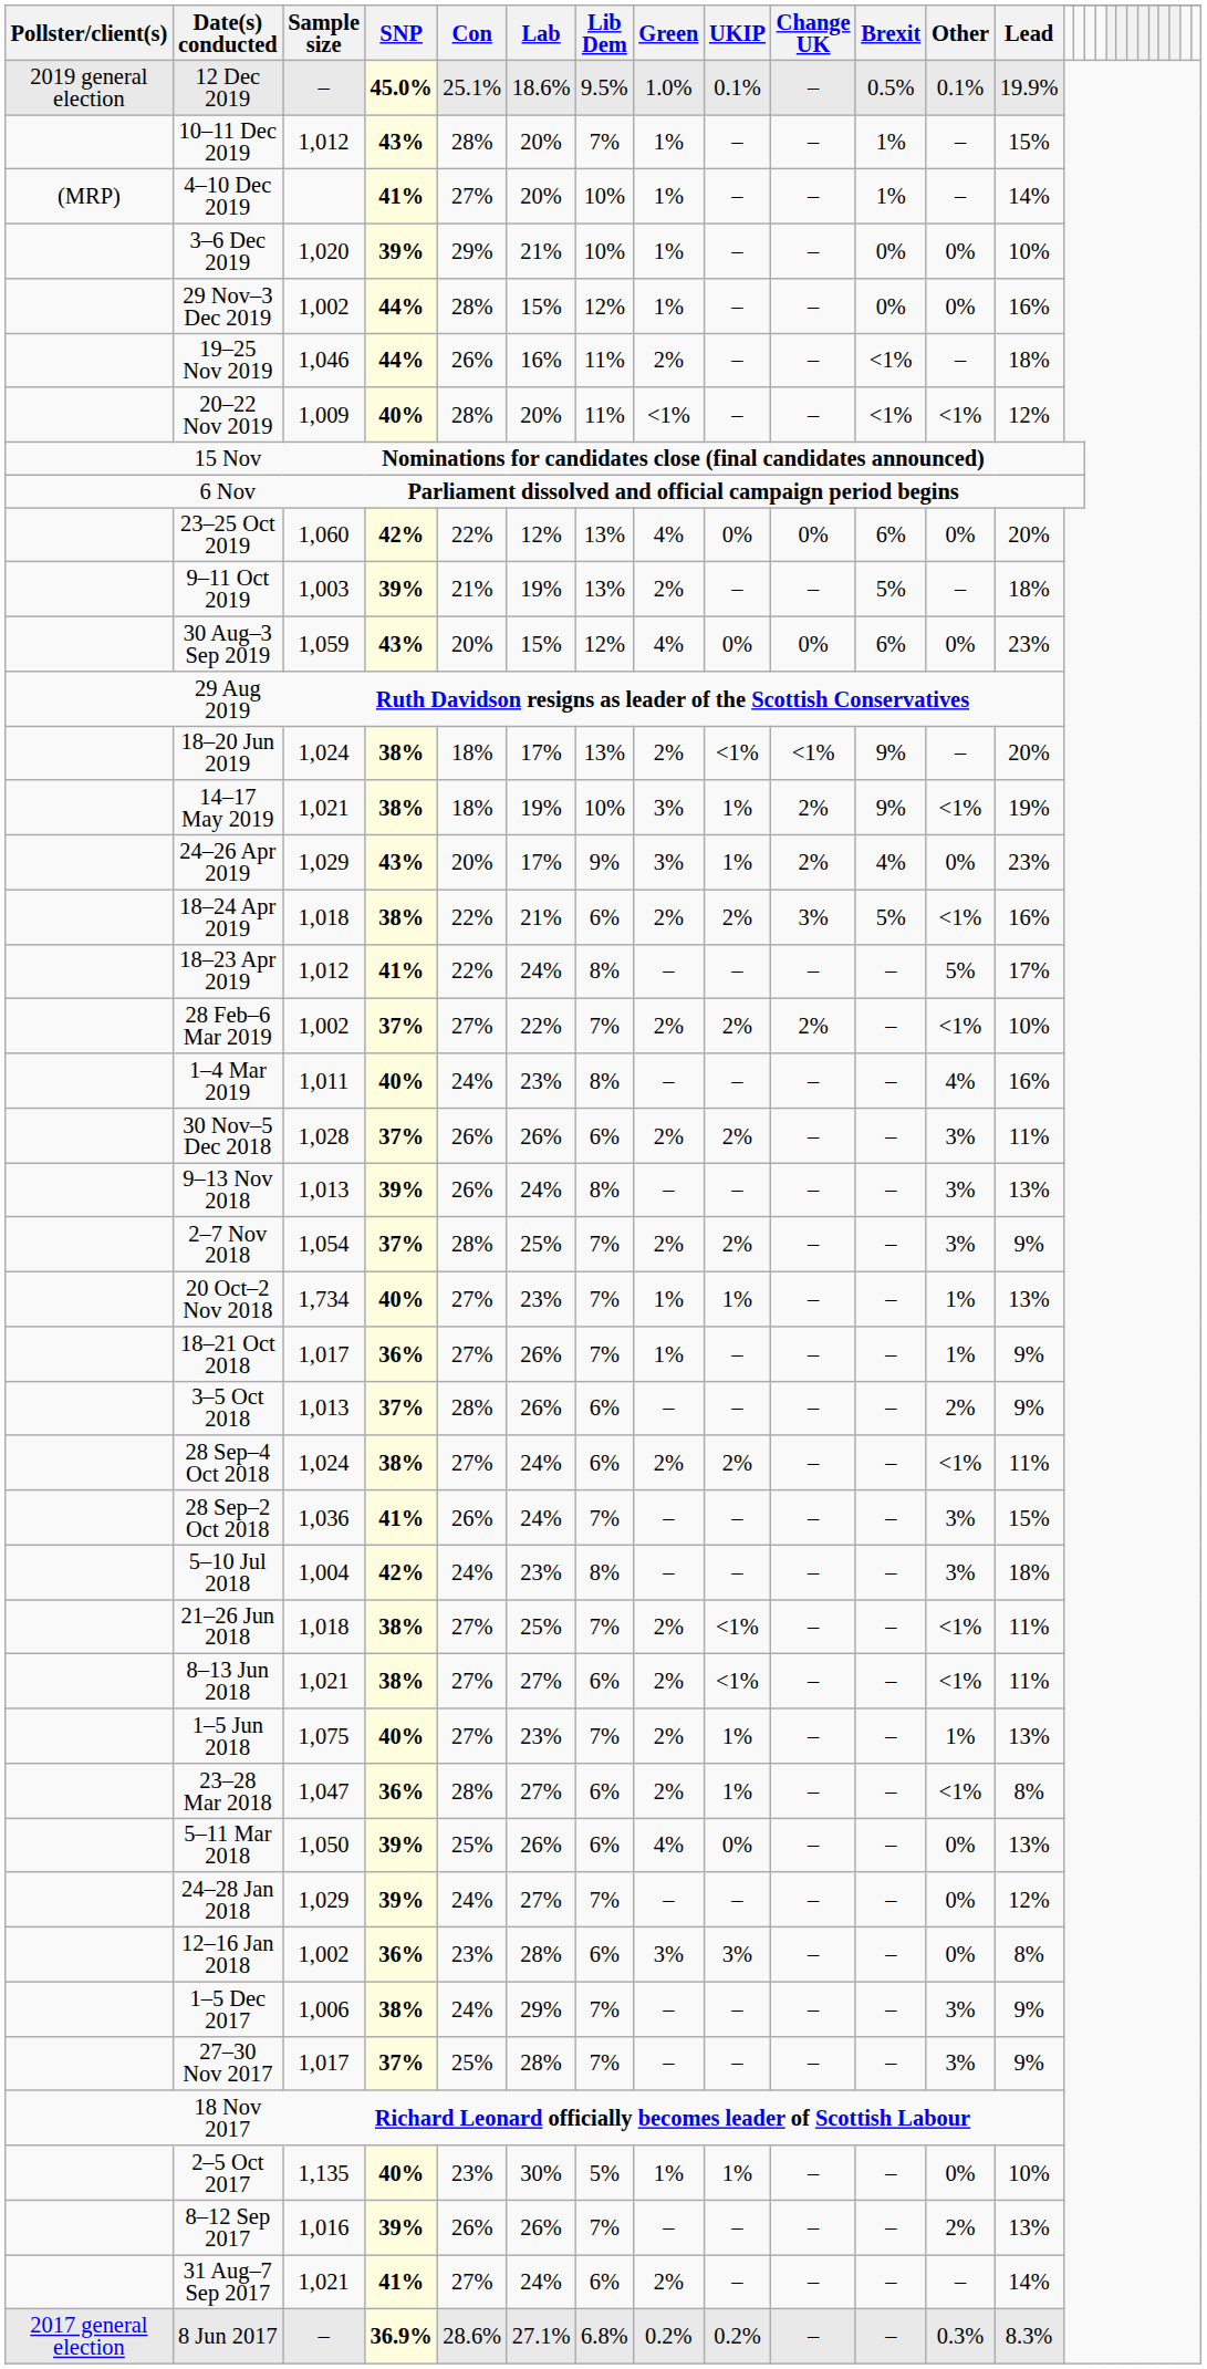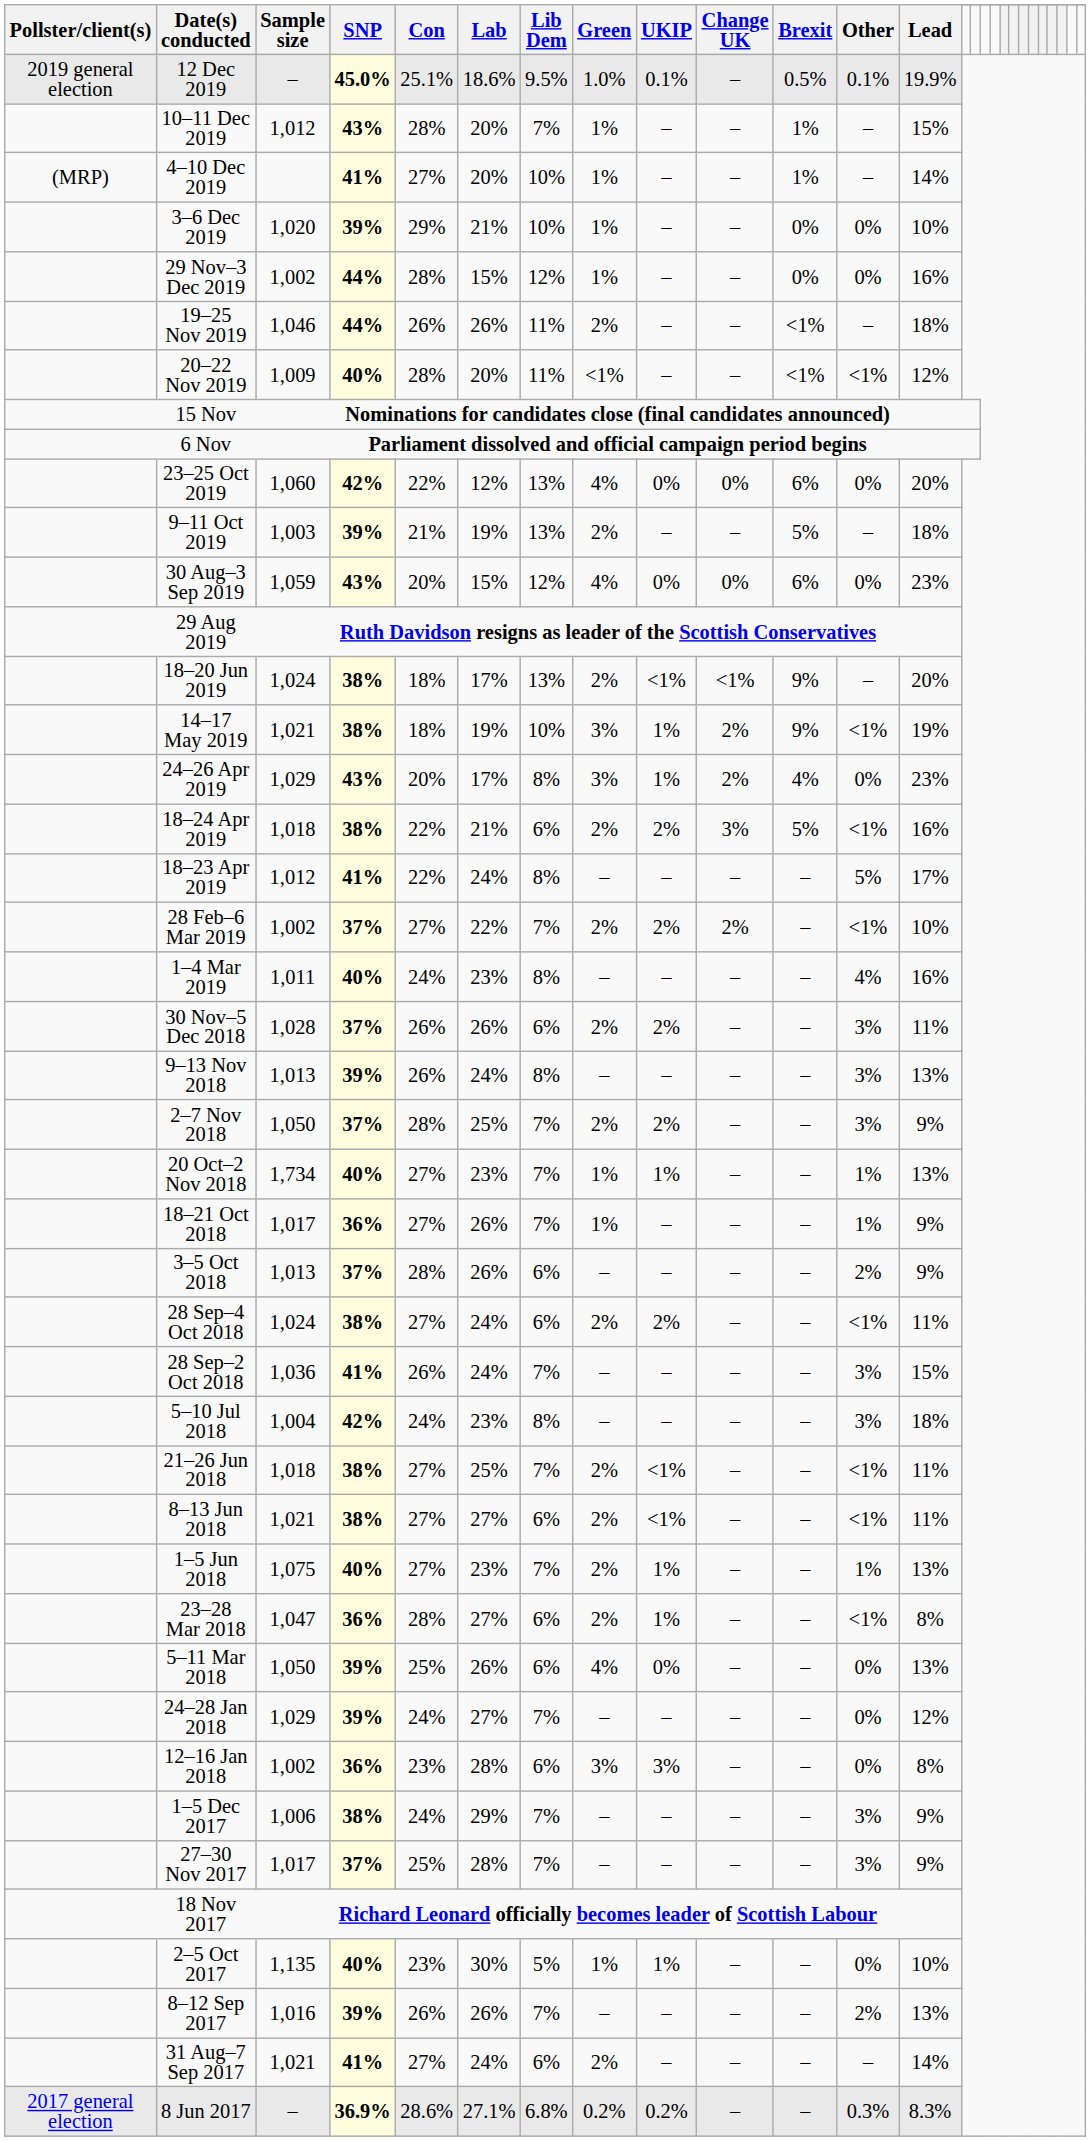 <table class="wikitable sortable" style="text-align:center;font-size:90%;line-height:14px;">
 <tr>
 <th rowspan="2">Pollster/client(s)</th>
 <th rowspan="2">Date(s)<br>conducted</th>
 <th rowspan="2">Sample<br>size</th>
 <th rowspan="2"><a href='#'>SNP</a></th>
 <th rowspan="2"><a href='#'>Con</a></th>
 <th rowspan="2"><a href='#'>Lab</a></th>
 <th rowspan="2"><a href='#'>Lib Dem</a></th>
 <th rowspan="2"><a href='#'>Green</a></th>
 <th rowspan="2"><a href='#'>UKIP</a></th>
 <th rowspan="2"><a href='#'>Change UK</a></th>
 <th rowspan="2"><a href='#'>Brexit</a></th>
 <th rowspan="2">Other</th>
 <th rowspan="2">Lead</th>
 </tr>
 <tr>
 <td></td>
 <td></td>
 <td></td>
 <td data-sort-type="number" style="background:"></td>
 <th data-sort-type="number" style="background:"></th>
 <th data-sort-type="number" style="background:"></th>
 <th data-sort-type="number" style="background:"></th>
 <th data-sort-type="number" style="background:"></th>
 <th data-sort-type="number" style="background:"></th>
 <th data-sort-type="number" style="background:"></th>
 <th data-sort-type="number" style="background:"></th>
 <td></td>
 <td></td>
 </tr>
 <tr style="background:#E9E9E9;">
 <td>2019 general election</td>
 <td data-sort-value="2017-06-08">12 Dec 2019</td>
 <td>–</td>
 <td style="background:#FEFDDE;"><strong>45.0%</strong></td>
 <td>25.1%</td>
 <td>18.6%</td>
 <td>9.5%</td>
 <td>1.0%</td>
 <td>0.1%</td>
 <td>–</td>
 <td>0.5%</td>
 <td>0.1%</td>
 <td style="background:">19.9%</td>
 </tr>
 <tr>
 <td></td>
 <td data-sort-value="2019-12-11">10–11 Dec 2019</td>
 <td>1,012</td>
 <td style="background:#FEFDDE;"><strong>43%</strong></td>
 <td>28%</td>
 <td>20%</td>
 <td>7%</td>
 <td>1%</td>
 <td>–</td>
 <td>–</td>
 <td>1%</td>
 <td>–</td>
 <td style="background:">15%</td>
 </tr>
 <tr>
 <td> (MRP)</td>
 <td data-sort-value="2019-12-10">4–10 Dec 2019</td>
 <td></td>
 <td style="background:#FEFDDE;"><strong>41%</strong></td>
 <td>27%</td>
 <td>20%</td>
 <td>10%</td>
 <td>1%</td>
 <td>–</td>
 <td>–</td>
 <td>1%</td>
 <td>–</td>
 <td style="background:">14%</td>
 </tr>
 <tr>
 <td></td>
 <td data-sort-value="2019-12-06">3–6 Dec 2019</td>
 <td>1,020</td>
 <td style="background:#FEFDDE;"><strong>39%</strong></td>
 <td>29%</td>
 <td>21%</td>
 <td>10%</td>
 <td>1%</td>
 <td>–</td>
 <td>–</td>
 <td>0%</td>
 <td>0%</td>
 <td style="background:">10%</td>
 </tr>
 <tr>
 <td></td>
 <td data-sort-value="2019-12-03">29 Nov–3 Dec 2019</td>
 <td>1,002</td>
 <td style="background:#FEFDDE;"><strong>44%</strong></td>
 <td>28%</td>
 <td>15%</td>
 <td>12%</td>
 <td>1%</td>
 <td>–</td>
 <td>–</td>
 <td>0%</td>
 <td>0%</td>
 <td style="background:">16%</td>
 </tr>
 <tr>
 <td></td>
 <td data-sort-value="2019-11-25">19–25 Nov 2019</td>
 <td>1,046</td>
 <td style="background:#FEFDDE;"><strong>44%</strong></td>
 <td>26%</td>
-<td>16%</td>
+<td>26%</td>
 <td>11%</td>
 <td>2%</td>
 <td>–</td>
 <td>–</td>
 <td><1%</td>
 <td>–</td>
 <td style="background:">18%</td>
 </tr>
 <tr>
 <td></td>
 <td data-sort-value="2019-11-22">20–22 Nov 2019</td>
 <td>1,009</td>
 <td style="background:#FEFDDE;"><strong>40%</strong></td>
 <td>28%</td>
 <td>20%</td>
 <td>11%</td>
 <td><1%</td>
 <td data-sort-value="0%">–</td>
 <td data-sort-value="0%">–</td>
 <td><1%</td>
 <td><1%</td>
 <td style="background:">12%</td>
 </tr>
 <tr>
 <td style="border-right-style:hidden;"></td>
 <td style="border-right-style:hidden;" data-sort-value="2019-11-15">15 Nov</td>
 <td colspan="13" style="font-weight:bold;">Nominations for candidates close (final candidates announced)</td>
 </tr>
 <tr>
 <td style="border-right-style:hidden;"></td>
 <td style="border-right-style:hidden;" data-sort-value="2019-11-06">6 Nov</td>
 <td colspan="13" style="font-weight:bold;">Parliament dissolved and official campaign period begins</td>
 </tr>
 <tr>
 <td></td>
 <td data-sort-value="2019-10-25">23–25 Oct 2019</td>
 <td>1,060</td>
 <td style="background:#FEFDDE;"><strong>42%</strong></td>
 <td>22%</td>
 <td>12%</td>
 <td>13%</td>
 <td>4%</td>
 <td>0%</td>
 <td>0%</td>
 <td>6%</td>
 <td>0%</td>
 <td style="background:">20%</td>
 </tr>
 <tr>
 <td></td>
 <td data-sort-value="2019-10-11">9–11 Oct 2019</td>
 <td>1,003</td>
 <td style="background:#FEFDDE;"><strong>39%</strong></td>
 <td>21%</td>
 <td>19%</td>
 <td>13%</td>
 <td>2%</td>
 <td data-sort-value="0%">–</td>
 <td data-sort-value="0%">–</td>
 <td>5%</td>
 <td>–</td>
 <td style="background:">18%</td>
 </tr>
 <tr>
 <td></td>
 <td data-sort-value="2019-09-04">30 Aug–3 Sep 2019</td>
 <td>1,059</td>
 <td style="background:#FEFDDE;"><strong>43%</strong></td>
 <td>20%</td>
 <td>15%</td>
 <td>12%</td>
 <td>4%</td>
 <td>0%</td>
 <td>0%</td>
 <td>6%</td>
 <td>0%</td>
 <td style="background:">23%</td>
 </tr>
 <tr>
 <td style="border-right-style:hidden;"></td>
 <td style="border-right-style:hidden;" data-sort-value="2019-08-29">29 Aug 2019</td>
 <td style="font-weight:bold;" colspan="11"><a href='#'>Ruth Davidson</a> resigns as leader of the <a href='#'>Scottish Conservatives</a></td>
 </tr>
 <tr>
 <td></td>
 <td data-sort-value="2019-06-20">18–20 Jun 2019</td>
 <td>1,024</td>
 <td style="background:#FEFDDE;"><strong>38%</strong></td>
 <td>18%</td>
 <td>17%</td>
 <td>13%</td>
 <td>2%</td>
 <td data-sort-value="0%"><1%</td>
 <td data-sort-value="0%"><1%</td>
 <td>9%</td>
 <td>–</td>
 <td style="background:">20%</td>
 </tr>
 <tr>
 <td></td>
 <td data-sort-value="2019-05-17">14–17 May 2019</td>
 <td>1,021</td>
 <td style="background:#FEFDDE;"><strong>38%</strong></td>
 <td>18%</td>
 <td>19%</td>
 <td>10%</td>
 <td>3%</td>
 <td>1%</td>
 <td>2%</td>
 <td>9%</td>
 <td data-sort-value="0%"><1%</td>
 <td style="background:">19%</td>
 </tr>
 <tr>
 <td></td>
 <td data-sort-value="2019-04-26">24–26 Apr 2019</td>
 <td>1,029</td>
 <td style="background:#FEFDDE;"><strong>43%</strong></td>
 <td>20%</td>
 <td>17%</td>
-<td>9%</td>
+<td>8%</td>
 <td>3%</td>
 <td>1%</td>
 <td>2%</td>
 <td>4%</td>
 <td>0%</td>
 <td style="background:">23%</td>
 </tr>
 <tr>
 <td></td>
 <td data-sort-value="2019-04-24">18–24 Apr 2019</td>
 <td>1,018</td>
 <td style="background:#FEFDDE;"><strong>38%</strong></td>
 <td>22%</td>
 <td>21%</td>
 <td>6%</td>
 <td>2%</td>
 <td>2%</td>
 <td>3%</td>
 <td>5%</td>
 <td data-sort-value="0%"><1%</td>
 <td style="background:">16%</td>
 </tr>
 <tr>
 <td></td>
 <td data-sort-value="2019-04-23">18–23 Apr 2019</td>
 <td>1,012</td>
 <td style="background:#FEFDDE;"><strong>41%</strong></td>
 <td>22%</td>
 <td>24%</td>
 <td>8%</td>
 <td>–</td>
 <td>–</td>
 <td>–</td>
 <td>–</td>
 <td>5%</td>
 <td style="background:">17%</td>
 </tr>
 <tr>
 <td></td>
 <td data-sort-value="2019-03-06">28 Feb–6 Mar 2019</td>
 <td>1,002</td>
 <td style="background:#FEFDDE;"><strong>37%</strong></td>
 <td>27%</td>
 <td>22%</td>
 <td>7%</td>
 <td>2%</td>
 <td>2%</td>
 <td>2%</td>
 <td>–</td>
 <td data-sort-value="0%"><1%</td>
 <td style="background:">10%</td>
 </tr>
 <tr>
 <td></td>
 <td data-sort-value="2019-03-04">1–4 Mar 2019</td>
 <td>1,011</td>
 <td style="background:#FEFDDE;"><strong>40%</strong></td>
 <td>24%</td>
 <td>23%</td>
 <td>8%</td>
 <td>–</td>
 <td>–</td>
 <td>–</td>
 <td>–</td>
 <td>4%</td>
 <td style="background:">16%</td>
 </tr>
 <tr>
 <td></td>
 <td data-sort-value="2018-12-05">30 Nov–5 Dec 2018</td>
 <td>1,028</td>
 <td style="background:#FEFDDE;"><strong>37%</strong></td>
 <td>26%</td>
 <td>26%</td>
 <td>6%</td>
 <td>2%</td>
 <td>2%</td>
 <td>–</td>
 <td>–</td>
 <td>3%</td>
 <td style="background:">11%</td>
 </tr>
 <tr>
 <td></td>
 <td data-sort-value="2018-11-13">9–13 Nov 2018</td>
 <td>1,013</td>
 <td style="background:#FEFDDE;"><strong>39%</strong></td>
 <td>26%</td>
 <td>24%</td>
 <td>8%</td>
 <td>–</td>
 <td>–</td>
 <td>–</td>
 <td>–</td>
 <td>3%</td>
 <td style="background:">13%</td>
 </tr>
 <tr>
 <td></td>
 <td data-sort-value="2018-11-07">2–7 Nov 2018</td>
-<td>1,054</td>
+<td>1,050</td>
 <td style="background:#FEFDDE;"><strong>37%</strong></td>
 <td>28%</td>
 <td>25%</td>
 <td>7%</td>
 <td>2%</td>
 <td>2%</td>
 <td>–</td>
 <td>–</td>
 <td>3%</td>
 <td style="background:">9%</td>
 </tr>
 <tr>
 <td></td>
 <td data-sort-value="2018-11-02">20 Oct–2 Nov 2018</td>
 <td>1,734</td>
 <td style="background:#FEFDDE;"><strong>40%</strong></td>
 <td>27%</td>
 <td>23%</td>
 <td>7%</td>
 <td>1%</td>
 <td>1%</td>
 <td>–</td>
 <td>–</td>
 <td>1%</td>
 <td style="background:">13%</td>
 </tr>
 <tr>
 <td></td>
 <td data-sort-value="2018-10-21">18–21 Oct 2018</td>
 <td>1,017</td>
 <td style="background:#FEFDDE;"><strong>36%</strong></td>
 <td>27%</td>
 <td>26%</td>
 <td>7%</td>
 <td>1%</td>
 <td>–</td>
 <td>–</td>
 <td>–</td>
 <td>1%</td>
 <td style="background:">9%</td>
 </tr>
 <tr>
 <td></td>
 <td data-sort-value="2018-10-05">3–5 Oct 2018</td>
 <td>1,013</td>
 <td style="background:#FEFDDE;"><strong>37%</strong></td>
 <td>28%</td>
 <td>26%</td>
 <td>6%</td>
 <td>–</td>
 <td>–</td>
 <td>–</td>
 <td>–</td>
 <td>2%</td>
 <td style="background:">9%</td>
 </tr>
 <tr>
 <td></td>
 <td data-sort-value="2018-10-04">28 Sep–4 Oct 2018</td>
 <td>1,024</td>
 <td style="background:#FEFDDE;"><strong>38%</strong></td>
 <td>27%</td>
 <td>24%</td>
 <td>6%</td>
 <td>2%</td>
 <td>2%</td>
 <td>–</td>
 <td>–</td>
 <td data-sort-value="0%"><1%</td>
 <td style="background:">11%</td>
 </tr>
 <tr>
 <td></td>
 <td data-sort-value="2018-10-02">28 Sep–2 Oct 2018</td>
 <td>1,036</td>
 <td style="background:#FEFDDE;"><strong>41%</strong></td>
 <td>26%</td>
 <td>24%</td>
 <td>7%</td>
 <td>–</td>
 <td>–</td>
 <td>–</td>
 <td>–</td>
 <td>3%</td>
 <td style="background:">15%</td>
 </tr>
 <tr>
 <td></td>
 <td data-sort-value="2018-07-10">5–10 Jul 2018</td>
 <td>1,004</td>
 <td style="background:#FEFDDE;"><strong>42%</strong></td>
 <td>24%</td>
 <td>23%</td>
 <td>8%</td>
 <td>–</td>
 <td>–</td>
 <td>–</td>
 <td>–</td>
 <td>3%</td>
 <td style="background:">18%</td>
 </tr>
 <tr>
 <td></td>
 <td data-sort-value="2018-06-26">21–26 Jun 2018</td>
 <td>1,018</td>
 <td style="background:#FEFDDE;"><strong>38%</strong></td>
 <td>27%</td>
 <td>25%</td>
 <td>7%</td>
 <td>2%</td>
 <td data-sort-value="0%"><1%</td>
 <td>–</td>
 <td>–</td>
 <td data-sort-value="0%"><1%</td>
 <td style="background:">11%</td>
 </tr>
 <tr>
 <td></td>
 <td data-sort-value="2018-06-13">8–13 Jun 2018</td>
 <td>1,021</td>
 <td style="background:#FEFDDE;"><strong>38%</strong></td>
 <td>27%</td>
 <td>27%</td>
 <td>6%</td>
 <td>2%</td>
 <td data-sort-value="0%"><1%</td>
 <td>–</td>
 <td>–</td>
 <td data-sort-value="0%"><1%</td>
 <td style="background:">11%</td>
 </tr>
 <tr>
 <td></td>
 <td data-sort-value="2018-06-05">1–5 Jun 2018</td>
 <td>1,075</td>
 <td style="background:#FEFDDE;"><strong>40%</strong></td>
 <td>27%</td>
 <td>23%</td>
 <td>7%</td>
 <td>2%</td>
 <td>1%</td>
 <td>–</td>
 <td>–</td>
 <td>1%</td>
 <td style="background:">13%</td>
 </tr>
 <tr>
 <td></td>
 <td data-sort-value="2018-03-28">23–28 Mar 2018</td>
 <td>1,047</td>
 <td style="background:#FEFDDE;"><strong>36%</strong></td>
 <td>28%</td>
 <td>27%</td>
 <td>6%</td>
 <td>2%</td>
 <td>1%</td>
 <td>–</td>
 <td>–</td>
 <td data-sort-value="0%"><1%</td>
 <td style="background:">8%</td>
 </tr>
 <tr>
 <td></td>
 <td data-sort-value="2018-03-11">5–11 Mar 2018</td>
 <td>1,050</td>
 <td style="background:#FEFDDE;"><strong>39%</strong></td>
 <td>25%</td>
 <td>26%</td>
 <td>6%</td>
 <td>4%</td>
 <td>0%</td>
 <td>–</td>
 <td>–</td>
 <td>0%</td>
 <td style="background:">13%</td>
 </tr>
 <tr>
 <td></td>
 <td data-sort-value="2018-01-28">24–28 Jan 2018</td>
 <td>1,029</td>
 <td style="background:#FEFDDE;"><strong>39%</strong></td>
 <td>24%</td>
 <td>27%</td>
 <td>7%</td>
 <td>–</td>
 <td>–</td>
 <td>–</td>
 <td>–</td>
 <td>0%</td>
 <td style="background:">12%</td>
 </tr>
 <tr>
 <td></td>
 <td data-sort-value="2018-01-16">12–16 Jan 2018</td>
 <td>1,002</td>
 <td style="background:#FEFDDE;"><strong>36%</strong></td>
 <td>23%</td>
 <td>28%</td>
 <td>6%</td>
 <td>3%</td>
 <td>3%</td>
 <td>–</td>
 <td>–</td>
 <td>0%</td>
 <td style="background:">8%</td>
 </tr>
 <tr>
 <td></td>
 <td data-sort-value="2017-12-05">1–5 Dec 2017</td>
 <td>1,006</td>
 <td style="background:#FEFDDE;"><strong>38%</strong></td>
 <td>24%</td>
 <td>29%</td>
 <td>7%</td>
 <td>–</td>
 <td>–</td>
 <td>–</td>
 <td>–</td>
 <td>3%</td>
 <td style="background:">9%</td>
 </tr>
 <tr>
 <td></td>
 <td data-sort-value="2017-11-30">27–30 Nov 2017</td>
 <td>1,017</td>
 <td style="background:#FEFDDE;"><strong>37%</strong></td>
 <td>25%</td>
 <td>28%</td>
 <td>7%</td>
 <td>–</td>
 <td>–</td>
 <td>–</td>
 <td>–</td>
 <td>3%</td>
 <td style="background:">9%</td>
 </tr>
 <tr>
 <td style="border-right-style:hidden;"></td>
 <td style="border-right-style:hidden;" data-sort-value="2017-11-18">18 Nov 2017</td>
 <td style="font-weight:bold;" colspan="11"><a href='#'>Richard Leonard</a> officially <a href='#'>becomes leader</a> of <a href='#'>Scottish Labour</a></td>
 </tr>
 <tr>
 <td></td>
 <td data-sort-value="2017-10-05">2–5 Oct 2017</td>
 <td>1,135</td>
 <td style="background:#FEFDDE;"><strong>40%</strong></td>
 <td>23%</td>
 <td>30%</td>
 <td>5%</td>
 <td>1%</td>
 <td>1%</td>
 <td>–</td>
 <td>–</td>
 <td>0%</td>
 <td style="background:">10%</td>
 </tr>
 <tr>
 <td></td>
 <td data-sort-value="2017-09-12">8–12 Sep 2017</td>
 <td>1,016</td>
 <td style="background:#FEFDDE;"><strong>39%</strong></td>
 <td>26%</td>
 <td>26%</td>
 <td>7%</td>
 <td>–</td>
 <td>–</td>
 <td>–</td>
 <td>–</td>
 <td>2%</td>
 <td style="background:">13%</td>
 </tr>
 <tr>
 <td></td>
 <td data-sort-value="2017-09-07">31 Aug–7 Sep 2017</td>
 <td>1,021</td>
 <td style="background:#FEFDDE;"><strong>41%</strong></td>
 <td>27%</td>
 <td>24%</td>
 <td>6%</td>
 <td>2%</td>
 <td>–</td>
 <td>–</td>
 <td>–</td>
 <td>–</td>
 <td style="background:">14%</td>
 </tr>
 <tr style="background:#E9E9E9;">
 <td><a href='#'>2017 general election</a></td>
 <td data-sort-value="2017-06-08">8 Jun 2017</td>
 <td>–</td>
 <td style="background:#FEFDDE;"><strong>36.9%</strong></td>
 <td>28.6%</td>
 <td>27.1%</td>
 <td>6.8%</td>
 <td>0.2%</td>
 <td>0.2%</td>
 <td>–</td>
 <td>–</td>
 <td>0.3%</td>
 <td style="background:">8.3%</td>
 </tr>
 </table>
